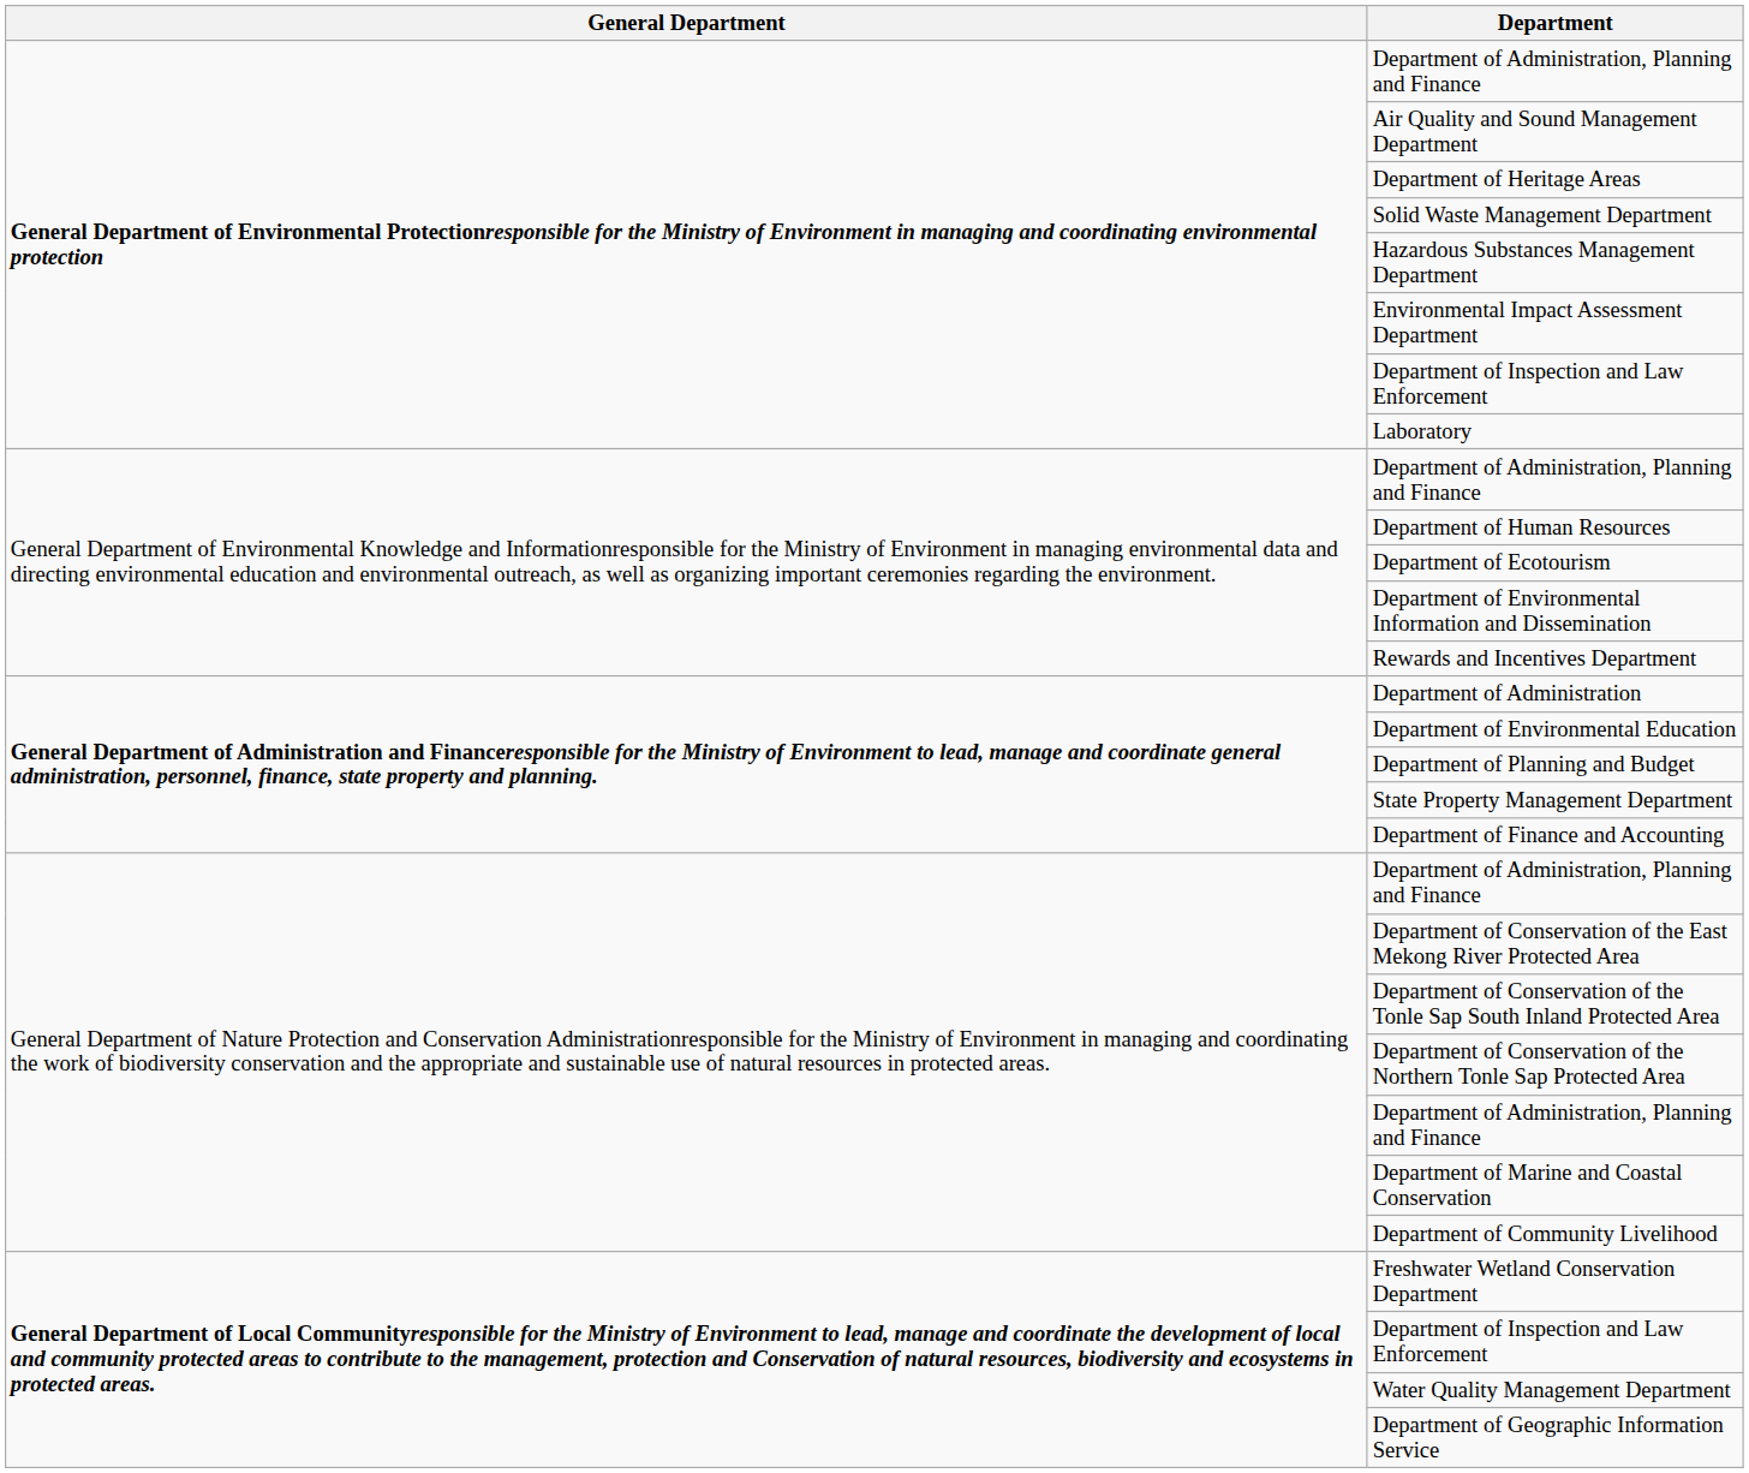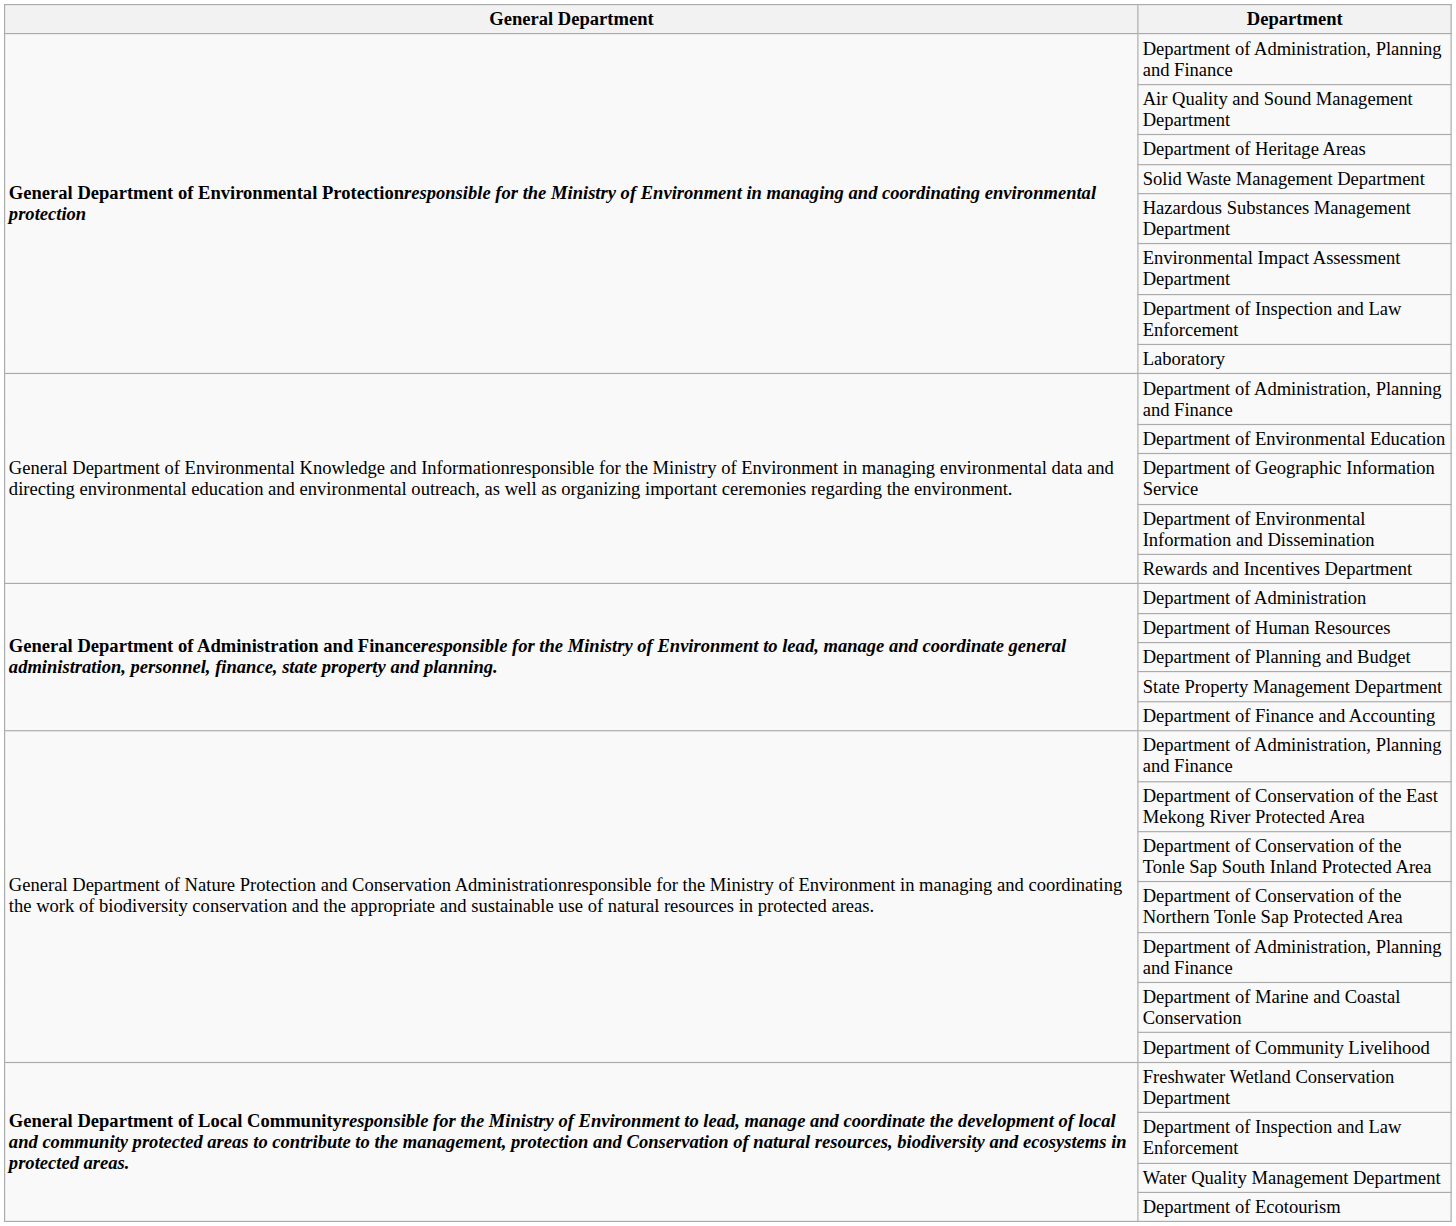 <table class="wikitable">
 <tr>
 <th>General Department</th>
 <th>Department</th>
 </tr>
 <tr>
 <td rowspan="8"><strong>General Department of Environmental Protection<strong><em>responsible for the Ministry of Environment in managing and coordinating environmental protection<em></td>
 <td>Department of Administration, Planning and Finance</td>
 </tr>
 <tr>
 <td>Air Quality and Sound Management Department</td>
 </tr>
 <tr>
 <td>Department of Heritage Areas</td>
 </tr>
 <tr>
 <td>Solid Waste Management Department</td>
 </tr>
 <tr>
 <td>Hazardous Substances Management Department</td>
 </tr>
 <tr>
 <td>Environmental Impact Assessment Department</td>
 </tr>
 <tr>
 <td>Department of Inspection and Law Enforcement</td>
 </tr>
 <tr>
 <td>Laboratory</td>
 </tr>
 <tr>
 <td rowspan="5"></strong>General Department of Environmental Knowledge and Information</em></strong>responsible for the Ministry of Environment in managing environmental data and directing environmental education and environmental outreach, as well as organizing important ceremonies regarding the environment.</em></td>
 <td>Department of Administration, Planning and Finance</td>
 </tr>
 <tr>
-<td>Department of Human Resources</td>
+<td>Department of Environmental Education</td>
 </tr>
 <tr>
-<td>Department of Ecotourism</td>
+<td>Department of Geographic Information Service</td>
 </tr>
 <tr>
 <td>Department of Environmental Information and Dissemination</td>
 </tr>
 <tr>
 <td>Rewards and Incentives Department</td>
 </tr>
 <tr>
 <td rowspan="5"><strong>General Department of Administration and Finance<strong><em>responsible for the Ministry of Environment to lead, manage and coordinate general administration, personnel, finance, state property and planning.<em></td>
 <td>Department of Administration</td>
 </tr>
 <tr>
-<td>Department of Environmental Education</td>
+<td>Department of Human Resources</td>
 </tr>
 <tr>
 <td>Department of Planning and Budget</td>
 </tr>
 <tr>
 <td>State Property Management Department</td>
 </tr>
 <tr>
 <td>Department of Finance and Accounting</td>
 </tr>
 <tr>
 <td rowspan="7"></strong>General Department of Nature Protection and Conservation Administration</em></strong>responsible for the Ministry of Environment in managing and coordinating the work of biodiversity conservation and the appropriate and sustainable use of natural resources in protected areas.</em></td>
 <td>Department of Administration, Planning and Finance</td>
 </tr>
 <tr>
 <td>Department of Conservation of the East Mekong River Protected Area</td>
 </tr>
 <tr>
 <td>Department of Conservation of the Tonle Sap South Inland Protected Area</td>
 </tr>
 <tr>
 <td>Department of Conservation of the Northern Tonle Sap Protected Area</td>
 </tr>
 <tr>
 <td>Department of Administration, Planning and Finance</td>
 </tr>
 <tr>
 <td>Department of Marine and Coastal Conservation</td>
 </tr>
 <tr>
 <td>Department of Community Livelihood</td>
 </tr>
 <tr>
 <td rowspan="4"><strong>General Department of Local Community<strong><em>responsible for the Ministry of Environment to lead, manage and coordinate the development of local and community protected areas to contribute to the management, protection and Conservation of natural resources, biodiversity and ecosystems in protected areas<em>.</td>
 <td>Freshwater Wetland Conservation Department</td>
 </tr>
 <tr>
 <td>Department of Inspection and Law Enforcement</td>
 </tr>
 <tr>
 <td>Water Quality Management Department</td>
 </tr>
 <tr>
-<td>Department of Geographic Information Service</td>
+<td>Department of Ecotourism</td>
 </tr>
 </table>
